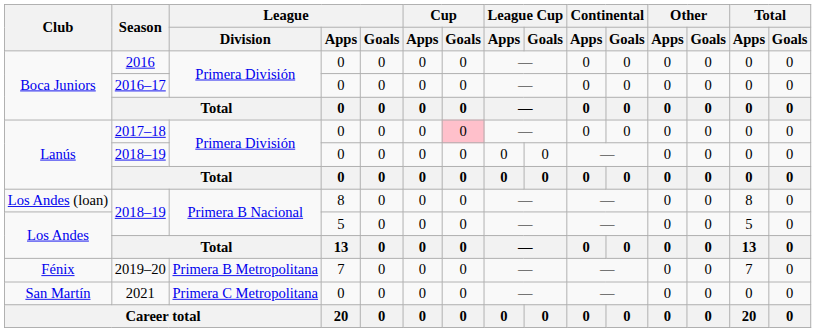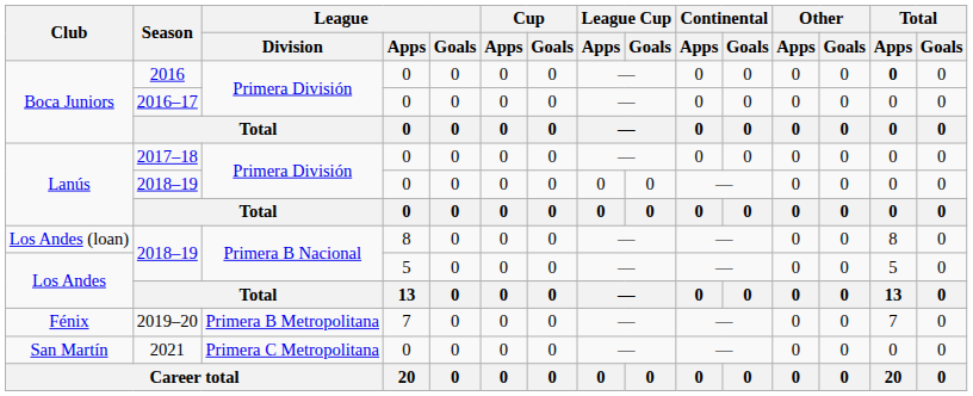 <table class="wikitable" style="text-align:center">
 <tr>
 <th rowspan="2">Club</th>
 <th rowspan="2">Season</th>
 <th colspan="3">League</th>
 <th colspan="2">Cup</th>
 <th colspan="2">League Cup</th>
 <th colspan="2">Continental</th>
 <th colspan="2">Other</th>
 <th colspan="2">Total</th>
 </tr>
 <tr>
 <th>Division</th>
 <th>Apps</th>
 <th>Goals</th>
 <th>Apps</th>
 <th>Goals</th>
 <th>Apps</th>
 <th>Goals</th>
 <th>Apps</th>
 <th>Goals</th>
 <th>Apps</th>
 <th>Goals</th>
 <th>Apps</th>
 <th>Goals</th>
 </tr>
 <tr>
 <td rowspan="3"><a href='#'>Boca Juniors</a></td>
 <td><a href='#'>2016</a></td>
 <td rowspan="2"><a href='#'>Primera División</a></td>
 <td>0</td>
 <td>0</td>
 <td>0</td>
 <td>0</td>
 <td colspan="2">—</td>
 <td>0</td>
 <td>0</td>
 <td>0</td>
 <td>0</td>
-<td>0</td>
+<td><strong>0</strong></td>
 <td>0</td>
 </tr>
 <tr>
 <td><a href='#'>2016–17</a></td>
 <td>0</td>
 <td>0</td>
 <td>0</td>
 <td>0</td>
 <td colspan="2">—</td>
 <td>0</td>
 <td>0</td>
 <td>0</td>
 <td>0</td>
 <td>0</td>
 <td>0</td>
 </tr>
 <tr>
 <th colspan="2">Total</th>
 <th>0</th>
 <th>0</th>
 <th>0</th>
 <th>0</th>
 <th colspan="2">—</th>
 <th>0</th>
 <th>0</th>
 <th>0</th>
 <th>0</th>
 <th>0</th>
 <th>0</th>
 </tr>
 <tr>
 <td rowspan="3"><a href='#'>Lanús</a></td>
 <td><a href='#'>2017–18</a></td>
 <td rowspan="2"><a href='#'>Primera División</a></td>
 <td>0</td>
 <td>0</td>
 <td>0</td>
-<td style="background: pink;">0</td>
+<td>0</td>
 <td colspan="2">—</td>
 <td>0</td>
 <td>0</td>
 <td>0</td>
 <td>0</td>
 <td>0</td>
 <td>0</td>
 </tr>
 <tr>
 <td><a href='#'>2018–19</a></td>
 <td>0</td>
 <td>0</td>
 <td>0</td>
 <td>0</td>
 <td>0</td>
 <td>0</td>
 <td colspan="2">—</td>
 <td>0</td>
 <td>0</td>
 <td>0</td>
 <td>0</td>
 </tr>
 <tr>
 <th colspan="2">Total</th>
 <th>0</th>
 <th>0</th>
 <th>0</th>
 <th>0</th>
 <th>0</th>
 <th>0</th>
 <th>0</th>
 <th>0</th>
 <th>0</th>
 <th>0</th>
 <th>0</th>
 <th>0</th>
 </tr>
 <tr>
 <td rowspan="1"><a href='#'>Los Andes</a> (loan)</td>
 <td rowspan="2"><a href='#'>2018–19</a></td>
 <td rowspan="2"><a href='#'>Primera B Nacional</a></td>
 <td>8</td>
 <td>0</td>
 <td>0</td>
 <td>0</td>
 <td colspan="2">—</td>
 <td colspan="2">—</td>
 <td>0</td>
 <td>0</td>
 <td>8</td>
 <td>0</td>
 </tr>
 <tr>
 <td rowspan="2"><a href='#'>Los Andes</a></td>
 <td>5</td>
 <td>0</td>
 <td>0</td>
 <td>0</td>
 <td colspan="2">—</td>
 <td colspan="2">—</td>
 <td>0</td>
 <td>0</td>
 <td>5</td>
 <td>0</td>
 </tr>
 <tr>
 <th colspan="2">Total</th>
 <th>13</th>
 <th>0</th>
 <th>0</th>
 <th>0</th>
 <th colspan="2">—</th>
 <th>0</th>
 <th>0</th>
 <th>0</th>
 <th>0</th>
 <th>13</th>
 <th>0</th>
 </tr>
 <tr>
 <td rowspan="1"><a href='#'>Fénix</a></td>
 <td>2019–20</td>
 <td rowspan="1"><a href='#'>Primera B Metropolitana</a></td>
 <td>7</td>
 <td>0</td>
 <td>0</td>
 <td>0</td>
 <td colspan="2">—</td>
 <td colspan="2">—</td>
 <td>0</td>
 <td>0</td>
 <td>7</td>
 <td>0</td>
 </tr>
 <tr>
 <td rowspan="1"><a href='#'>San Martín</a></td>
 <td>2021</td>
 <td rowspan="1"><a href='#'>Primera C Metropolitana</a></td>
 <td>0</td>
 <td>0</td>
 <td>0</td>
 <td>0</td>
 <td colspan="2">—</td>
 <td colspan="2">—</td>
 <td>0</td>
 <td>0</td>
 <td>0</td>
 <td>0</td>
 </tr>
 <tr>
 <th colspan="3">Career total</th>
 <th>20</th>
 <th>0</th>
 <th>0</th>
 <th>0</th>
 <th>0</th>
 <th>0</th>
 <th>0</th>
 <th>0</th>
 <th>0</th>
 <th>0</th>
 <th>20</th>
 <th>0</th>
 </tr>
 </table>
